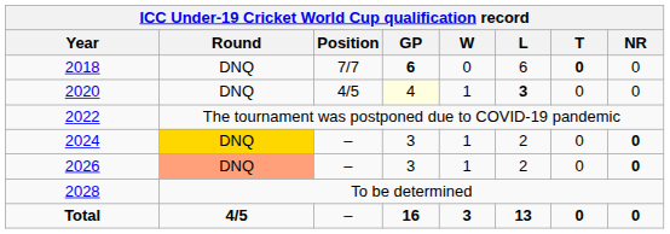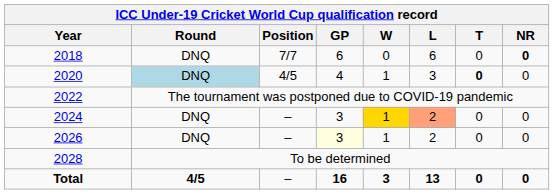 <table class="wikitable" style="text-align: center; width=900px;">
 <tr>
 <th colspan=9><a href='#'>ICC Under-19 Cricket World Cup qualification</a> record</th>
 </tr>
 <tr>
 <th width=150>Year</th>
 <th width=150>Round</th>
 <th width=50>Position</th>
 <th width=50>GP</th>
 <th width=50>W</th>
 <th width=50>L</th>
 <th width=50>T</th>
 <th width=50>NR</th>
 </tr>
 <tr>
 <td> <a href='#'>2018</a></td>
 <td>DNQ</td>
 <td>7/7</td>
-<td><strong>6</strong></td>
+<td>6</td>
 <td>0</td>
 <td>6</td>
+<td>0</td>
 <td><strong>0</strong></td>
-<td>0</td>
 </tr>
 <tr>
 <td> <a href='#'>2020</a></td>
-<td>DNQ</td>
+<td style="background: lightblue;">DNQ</td>
 <td>4/5</td>
-<td style="background: lightyellow;">4</td>
+<td>4</td>
 <td>1</td>
-<td><strong>3</strong></td>
-<td>0</td>
+<td>3</td>
+<td><strong>0</strong></td>
 <td>0</td>
 </tr>
 <tr>
 <td> <a href='#'>2022</a></td>
 <td colspan=8>The tournament was postponed due to COVID-19 pandemic</td>
 </tr>
 <tr>
 <td> <a href='#'>2024</a></td>
-<td style="background: gold;">DNQ</td>
+<td>DNQ</td>
 <td>–</td>
 <td>3</td>
+<td style="background: gold;">1</td>
+<td style="background: lightsalmon;">2</td>
+<td>0</td>
+<td>0</td>
+</tr>
+<tr>
+<td> <a href='#'>2026</a></td>
+<td>DNQ</td>
+<td>–</td>
+<td style="background: lightyellow;">3</td>
 <td>1</td>
 <td>2</td>
 <td>0</td>
-<td><strong>0</strong></td>
-</tr>
-<tr>
-<td> <a href='#'>2026</a></td>
-<td style="background: lightsalmon;">DNQ</td>
-<td>–</td>
-<td>3</td>
-<td>1</td>
-<td>2</td>
 <td>0</td>
-<td><strong>0</strong></td>
 </tr>
 <tr>
 <td> <a href='#'>2028</a></td>
 <td rowspan=1 colspan=8>To be determined</td>
 </tr>
 <tr>
 <td><strong>Total</strong></td>
 <td><strong>4/5</strong></td>
 <td>–</td>
 <td><strong>16</strong></td>
 <td><strong>3</strong></td>
 <td><strong>13</strong></td>
 <td><strong>0</strong></td>
 <td><strong>0</strong></td>
 </tr>
 </table>
